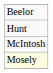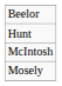 <table class="wikitable">
 <tr>
 </tr>
 <tr>
 <td>Beelor</td>
 </tr>
 <tr>
 <td>Hunt</td>
 </tr>
 <tr>
 <td>McIntosh</td>
 </tr>
 <tr>
-<td style="background: lightyellow;">Mosely</td>
+<td>Mosely</td>
 </tr>
 <tr>
 </tr>
 </table>
